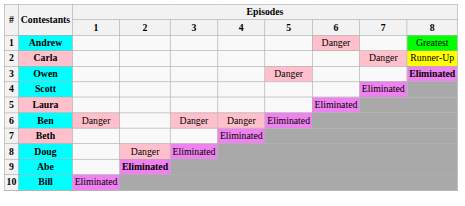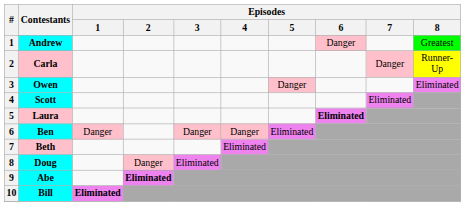 <table class="wikitable" style="text-align:center">
 <tr>
 <th rowspan=2>#</th>
 <th rowspan=2>Contestants</th>
 <th colspan=8>Episodes</th>
 </tr>
 <tr>
 <th>1</th>
 <th>2</th>
 <th>3</th>
 <th>4</th>
 <th>5</th>
 <th>6</th>
 <th>7</th>
 <th>8</th>
 </tr>
 <tr>
 <th>1</th>
 <td bgcolor="cyan"><strong>Andrew</strong></td>
 <td></td>
 <td></td>
 <td></td>
 <td></td>
 <td></td>
 <td bgcolor="pink">Danger</td>
 <td></td>
 <td bgcolor="lime">Greatest</td>
 </tr>
 <tr>
 <th>2</th>
 <td bgcolor="pink"><strong>Carla</strong></td>
 <td></td>
 <td></td>
 <td></td>
 <td></td>
 <td></td>
 <td></td>
 <td bgcolor="pink">Danger</td>
 <td bgcolor="yellow">Runner-Up</td>
 </tr>
 <tr>
 <th>3</th>
 <td bgcolor="cyan"><strong>Owen</strong></td>
 <td></td>
 <td></td>
 <td></td>
 <td></td>
 <td bgcolor="pink">Danger</td>
 <td></td>
 <td></td>
-<td bgcolor="violet"><strong>Eliminated</strong></td>
+<td bgcolor="violet">Eliminated</td>
 </tr>
 <tr>
 <th>4</th>
 <td bgcolor="cyan"><strong>Scott</strong></td>
 <td></td>
 <td></td>
 <td></td>
 <td></td>
 <td></td>
 <td></td>
 <td bgcolor="violet">Eliminated</td>
 <td bgcolor="darkgrey" colspan=12></td>
 </tr>
 <tr>
 <th>5</th>
 <td bgcolor="pink"><strong>Laura</strong></td>
 <td></td>
 <td></td>
 <td></td>
 <td></td>
 <td></td>
-<td bgcolor="violet">Eliminated</td>
+<td bgcolor="violet"><strong>Eliminated</strong></td>
 <td bgcolor="darkgrey" colspan=12></td>
 </tr>
 <tr>
 <th>6</th>
 <td bgcolor="cyan"><strong>Ben</strong></td>
 <td bgcolor="pink">Danger</td>
 <td></td>
 <td bgcolor="pink">Danger</td>
 <td bgcolor="pink">Danger</td>
 <td bgcolor="violet">Eliminated</td>
 <td bgcolor="darkgrey" colspan=12></td>
 </tr>
 <tr>
 <th>7</th>
 <td bgcolor="pink"><strong>Beth</strong></td>
 <td></td>
 <td></td>
 <td></td>
 <td bgcolor="violet">Eliminated</td>
 <td bgcolor="darkgrey" colspan=12></td>
 </tr>
 <tr>
 <th>8</th>
 <td bgcolor="cyan"><strong>Doug</strong></td>
 <td></td>
 <td bgcolor="pink">Danger</td>
 <td bgcolor="violet">Eliminated</td>
 <td bgcolor="darkgrey" colspan=12></td>
 </tr>
 <tr>
 <th>9</th>
 <td bgcolor="cyan"><strong>Abe</strong></td>
 <td></td>
 <td bgcolor="violet"><strong>Eliminated</strong></td>
 <td bgcolor="darkgrey" colspan=12></td>
 </tr>
 <tr>
 <th>10</th>
 <td bgcolor="cyan"><strong>Bill</strong></td>
-<td bgcolor="violet">Eliminated</td>
+<td bgcolor="violet"><strong>Eliminated</strong></td>
 <td bgcolor="darkgrey" colspan=12></td>
 </tr>
 <tr>
 </tr>
 </table>
